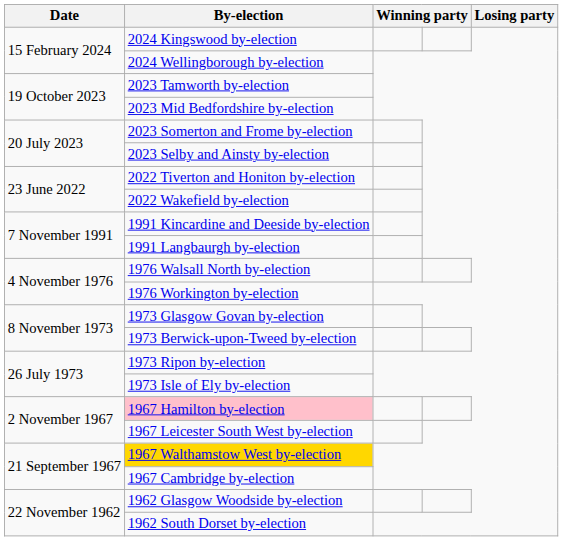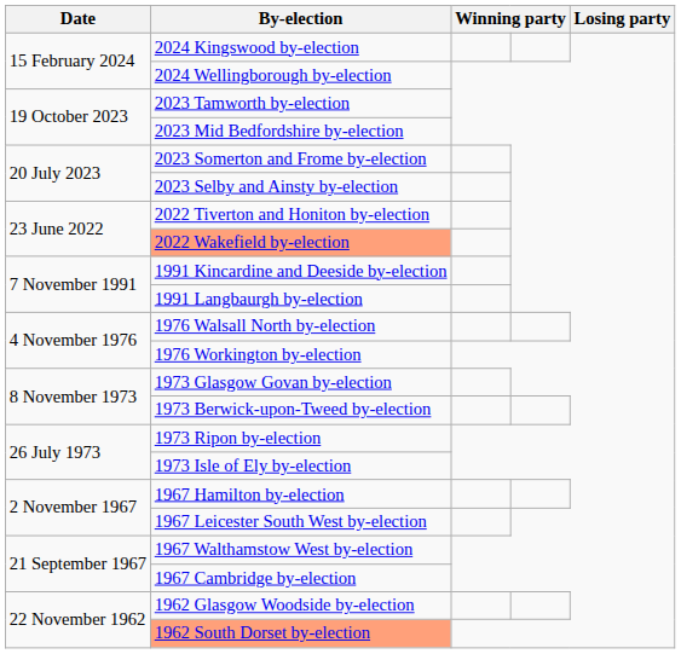 <table class="wikitable">
 <tr>
 <th>Date</th>
 <th>By-election</th>
 <th colspan=2>Winning party</th>
 <th colspan=4>Losing party</th>
 </tr>
 <tr>
 <td rowspan="2">15 February 2024</td>
 <td><a href='#'>2024 Kingswood by-election</a></td>
 <td></td>
 <td></td>
 </tr>
 <tr>
 <td><a href='#'>2024 Wellingborough by-election</a></td>
 </tr>
 <tr>
 <td rowspan="2">19 October 2023</td>
 <td><a href='#'>2023 Tamworth by-election</a></td>
 </tr>
 <tr>
 <td><a href='#'>2023 Mid Bedfordshire by-election</a></td>
 </tr>
 <tr>
 <td rowspan="2">20 July 2023</td>
 <td><a href='#'>2023 Somerton and Frome by-election</a></td>
 <td></td>
 </tr>
 <tr>
 <td><a href='#'>2023 Selby and Ainsty by-election </a></td>
 <td></td>
 </tr>
 <tr>
 <td rowspan="2">23 June 2022</td>
 <td><a href='#'>2022 Tiverton and Honiton by-election</a></td>
 <td></td>
 </tr>
 <tr>
-<td><a href='#'>2022 Wakefield by-election</a></td>
+<td style="background: lightsalmon;"><a href='#'>2022 Wakefield by-election</a></td>
 <td></td>
 </tr>
 <tr>
 <td rowspan="2">7 November 1991</td>
 <td><a href='#'>1991 Kincardine and Deeside by-election</a></td>
 <td></td>
 </tr>
 <tr>
 <td><a href='#'>1991 Langbaurgh by-election</a></td>
 <td></td>
 </tr>
 <tr>
 <td rowspan="2">4 November 1976</td>
 <td><a href='#'>1976 Walsall North by-election</a></td>
 <td></td>
 <td></td>
 </tr>
 <tr>
 <td><a href='#'>1976 Workington by-election</a></td>
 </tr>
 <tr>
 <td rowspan="2">8 November 1973</td>
 <td><a href='#'>1973 Glasgow Govan by-election</a></td>
 <td></td>
 </tr>
 <tr>
 <td><a href='#'>1973 Berwick-upon-Tweed by-election</a></td>
 <td></td>
 <td></td>
 </tr>
 <tr>
 <td rowspan="2">26 July 1973</td>
 <td><a href='#'>1973 Ripon by-election</a></td>
 </tr>
 <tr>
 <td><a href='#'>1973 Isle of Ely by-election</a></td>
 </tr>
 <tr>
 <td rowspan="2">2 November 1967</td>
-<td style="background: pink;"><a href='#'>1967 Hamilton by-election</a></td>
+<td><a href='#'>1967 Hamilton by-election</a></td>
 <td></td>
 <td></td>
 </tr>
 <tr>
 <td><a href='#'>1967 Leicester South West by-election</a></td>
 <td></td>
 </tr>
 <tr>
 <td rowspan="2">21 September 1967</td>
-<td style="background: gold;"><a href='#'>1967 Walthamstow West by-election</a></td>
+<td><a href='#'>1967 Walthamstow West by-election</a></td>
 </tr>
 <tr>
 <td><a href='#'>1967 Cambridge by-election</a></td>
 </tr>
 <tr>
 <td rowspan="2">22 November 1962</td>
 <td><a href='#'>1962 Glasgow Woodside by-election</a></td>
 <td></td>
 <td></td>
 </tr>
 <tr>
-<td><a href='#'>1962 South Dorset by-election</a></td>
+<td style="background: lightsalmon;"><a href='#'>1962 South Dorset by-election</a></td>
 </tr>
 </table>
